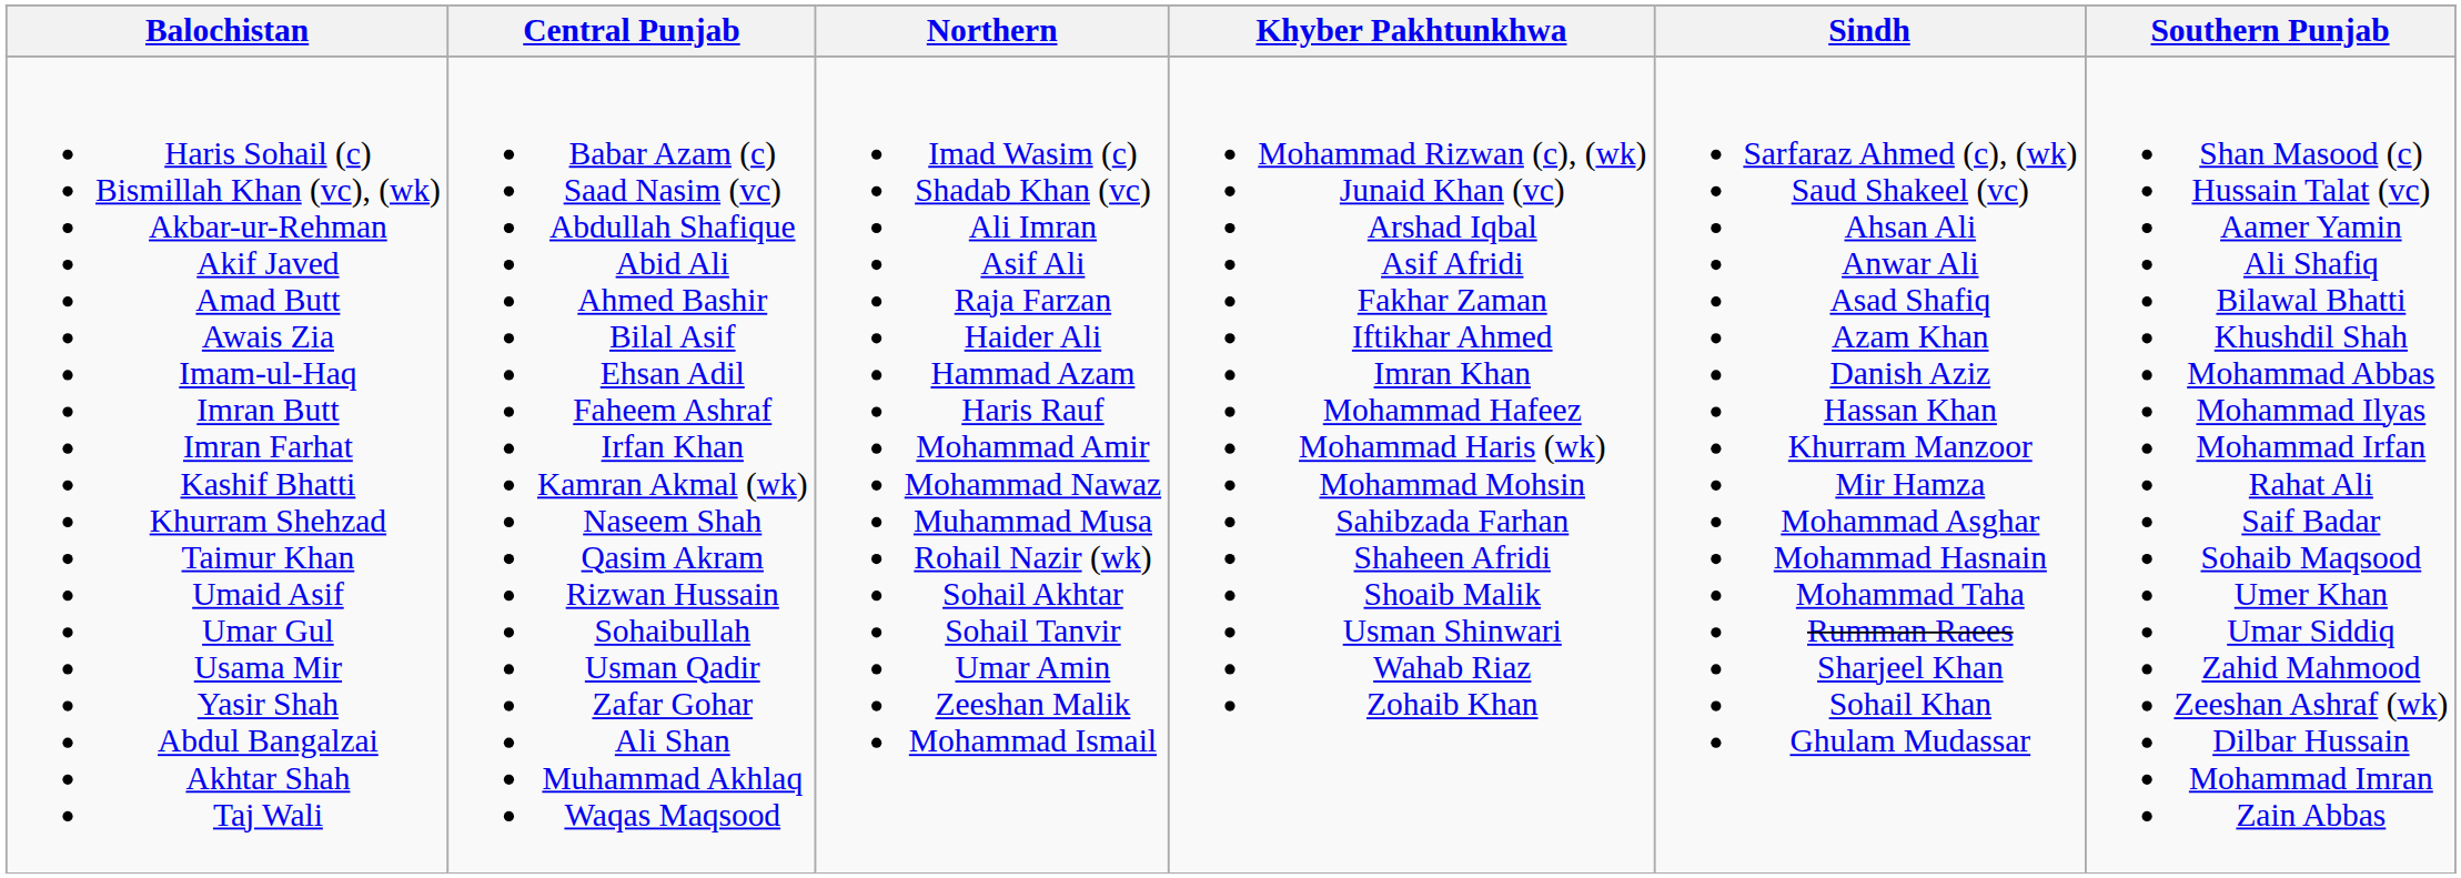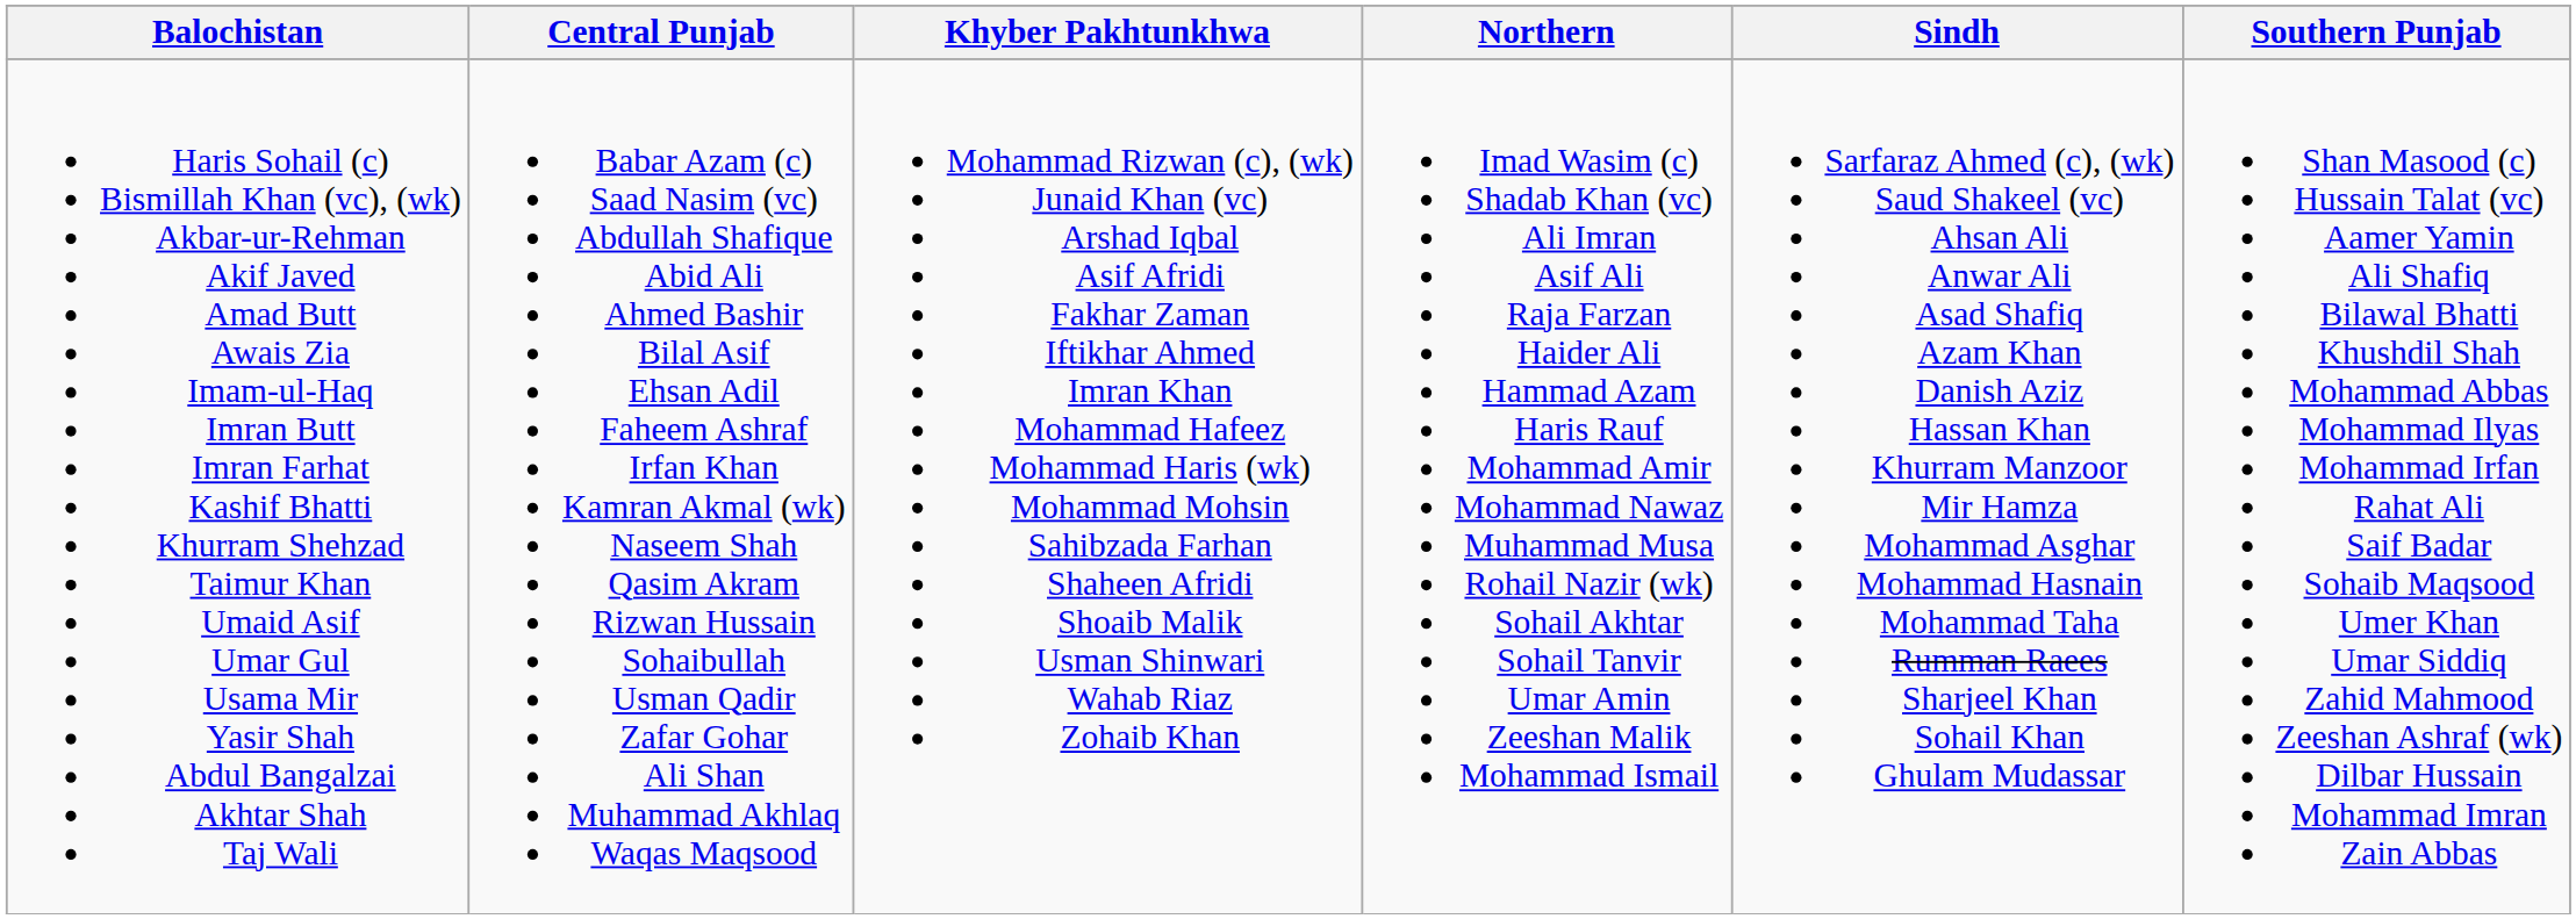 <table class="wikitable" style="text-align:center; margin:auto">
 <tr>
 <th><a href='#'>Balochistan</a></th>
 <th><a href='#'>Central Punjab</a></th>
+<th><a href='#'>Khyber Pakhtunkhwa</a></th>
 <th><a href='#'>Northern</a></th>
-<th><a href='#'>Khyber Pakhtunkhwa</a></th>
 <th><a href='#'>Sindh</a></th>
 <th><a href='#'>Southern Punjab</a></th>
 </tr>
 <tr style="vertical-align:top">
 <td><br><ul><li><a href='#'>Haris Sohail</a> (<a href='#'>c</a>)</li><li><a href='#'>Bismillah Khan</a> (<a href='#'>vc</a>), (<a href='#'>wk</a>)</li><li><a href='#'>Akbar-ur-Rehman</a></li><li><a href='#'>Akif Javed</a></li><li><a href='#'>Amad Butt</a></li><li><a href='#'>Awais Zia</a></li><li><a href='#'>Imam-ul-Haq</a></li><li><a href='#'>Imran Butt</a></li><li><a href='#'>Imran Farhat</a></li><li><a href='#'>Kashif Bhatti</a></li><li><a href='#'>Khurram Shehzad</a></li><li><a href='#'>Taimur Khan</a></li><li><a href='#'>Umaid Asif</a></li><li><a href='#'>Umar Gul</a></li><li><a href='#'>Usama Mir</a></li><li><a href='#'>Yasir Shah</a></li><li><a href='#'>Abdul Bangalzai</a></li><li><a href='#'>Akhtar Shah</a></li><li><a href='#'>Taj Wali</a></li></ul></td>
 <td><br><ul><li><a href='#'>Babar Azam</a> (<a href='#'>c</a>)</li><li><a href='#'>Saad Nasim</a> (<a href='#'>vc</a>)</li><li><a href='#'>Abdullah Shafique</a></li><li><a href='#'>Abid Ali</a></li><li><a href='#'>Ahmed Bashir</a></li><li><a href='#'>Bilal Asif</a></li><li><a href='#'>Ehsan Adil</a></li><li><a href='#'>Faheem Ashraf</a></li><li><a href='#'>Irfan Khan</a></li><li><a href='#'>Kamran Akmal</a> (<a href='#'>wk</a>)</li><li><a href='#'>Naseem Shah</a></li><li><a href='#'>Qasim Akram</a></li><li><a href='#'>Rizwan Hussain</a></li><li><a href='#'>Sohaibullah</a></li><li><a href='#'>Usman Qadir</a></li><li><a href='#'>Zafar Gohar</a></li><li><a href='#'>Ali Shan</a></li><li><a href='#'>Muhammad Akhlaq</a></li><li><a href='#'>Waqas Maqsood</a></li></ul></td>
+<td><br><ul><li><a href='#'>Mohammad Rizwan</a> (<a href='#'>c</a>), (<a href='#'>wk</a>)</li><li><a href='#'>Junaid Khan</a> (<a href='#'>vc</a>)</li><li><a href='#'>Arshad Iqbal</a></li><li><a href='#'>Asif Afridi</a></li><li><a href='#'>Fakhar Zaman</a></li><li><a href='#'>Iftikhar Ahmed</a></li><li><a href='#'>Imran Khan</a></li><li><a href='#'>Mohammad Hafeez</a></li><li><a href='#'>Mohammad Haris</a> (<a href='#'>wk</a>)</li><li><a href='#'>Mohammad Mohsin</a></li><li><a href='#'>Sahibzada Farhan</a></li><li><a href='#'>Shaheen Afridi</a></li><li><a href='#'>Shoaib Malik</a></li><li><a href='#'>Usman Shinwari</a></li><li><a href='#'>Wahab Riaz</a></li><li><a href='#'>Zohaib Khan</a></li></ul></td>
 <td><br><ul><li><a href='#'>Imad Wasim</a> (<a href='#'>c</a>)</li><li><a href='#'>Shadab Khan</a> (<a href='#'>vc</a>)</li><li><a href='#'>Ali Imran</a></li><li><a href='#'>Asif Ali</a></li><li><a href='#'>Raja Farzan</a></li><li><a href='#'>Haider Ali</a></li><li><a href='#'>Hammad Azam</a></li><li><a href='#'>Haris Rauf</a></li><li><a href='#'>Mohammad Amir</a></li><li><a href='#'>Mohammad Nawaz</a></li><li><a href='#'>Muhammad Musa</a></li><li><a href='#'>Rohail Nazir</a> (<a href='#'>wk</a>)</li><li><a href='#'>Sohail Akhtar</a></li><li><a href='#'>Sohail Tanvir</a></li><li><a href='#'>Umar Amin</a></li><li><a href='#'>Zeeshan Malik</a></li><li><a href='#'>Mohammad Ismail</a></li></ul></td>
-<td><br><ul><li><a href='#'>Mohammad Rizwan</a> (<a href='#'>c</a>), (<a href='#'>wk</a>)</li><li><a href='#'>Junaid Khan</a> (<a href='#'>vc</a>)</li><li><a href='#'>Arshad Iqbal</a></li><li><a href='#'>Asif Afridi</a></li><li><a href='#'>Fakhar Zaman</a></li><li><a href='#'>Iftikhar Ahmed</a></li><li><a href='#'>Imran Khan</a></li><li><a href='#'>Mohammad Hafeez</a></li><li><a href='#'>Mohammad Haris</a> (<a href='#'>wk</a>)</li><li><a href='#'>Mohammad Mohsin</a></li><li><a href='#'>Sahibzada Farhan</a></li><li><a href='#'>Shaheen Afridi</a></li><li><a href='#'>Shoaib Malik</a></li><li><a href='#'>Usman Shinwari</a></li><li><a href='#'>Wahab Riaz</a></li><li><a href='#'>Zohaib Khan</a></li></ul></td>
 <td><br><ul><li><a href='#'>Sarfaraz Ahmed</a> (<a href='#'>c</a>), (<a href='#'>wk</a>)</li><li><a href='#'>Saud Shakeel</a> (<a href='#'>vc</a>)</li><li><a href='#'>Ahsan Ali</a></li><li><a href='#'>Anwar Ali</a></li><li><a href='#'>Asad Shafiq</a></li><li><a href='#'>Azam Khan</a></li><li><a href='#'>Danish Aziz</a></li><li><a href='#'>Hassan Khan</a></li><li><a href='#'>Khurram Manzoor</a></li><li><a href='#'>Mir Hamza</a></li><li><a href='#'>Mohammad Asghar</a></li><li><a href='#'>Mohammad Hasnain</a></li><li><a href='#'>Mohammad Taha</a></li><li><s><a href='#'>Rumman Raees</a></s></li><li><a href='#'>Sharjeel Khan</a></li><li><a href='#'>Sohail Khan</a></li><li><a href='#'>Ghulam Mudassar</a></li></ul></td>
 <td><br><ul><li><a href='#'>Shan Masood</a> (<a href='#'>c</a>)</li><li><a href='#'>Hussain Talat</a> (<a href='#'>vc</a>)</li><li><a href='#'>Aamer Yamin</a></li><li><a href='#'>Ali Shafiq</a></li><li><a href='#'>Bilawal Bhatti</a></li><li><a href='#'>Khushdil Shah</a></li><li><a href='#'>Mohammad Abbas</a></li><li><a href='#'>Mohammad Ilyas</a></li><li><a href='#'>Mohammad Irfan</a></li><li><a href='#'>Rahat Ali</a></li><li><a href='#'>Saif Badar</a></li><li><a href='#'>Sohaib Maqsood</a></li><li><a href='#'>Umer Khan</a></li><li><a href='#'>Umar Siddiq</a></li><li><a href='#'>Zahid Mahmood</a></li><li><a href='#'>Zeeshan Ashraf</a> (<a href='#'>wk</a>)</li><li><a href='#'>Dilbar Hussain</a></li><li><a href='#'>Mohammad Imran</a></li><li><a href='#'>Zain Abbas</a></li></ul></td>
 </tr>
 </table>
